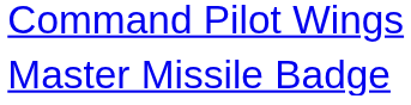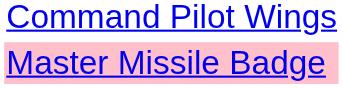 <table>
 <tr>
 <td> <a href='#'>Command Pilot Wings</a></td>
 </tr>
 <tr>
-<td> <a href='#'>Master Missile Badge</a></td>
+<td style="background: pink;"> <a href='#'>Master Missile Badge</a></td>
 </tr>
 </table>
